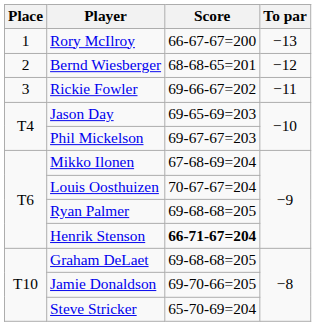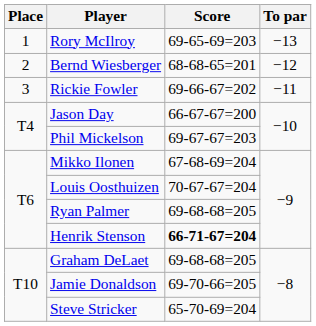 <table class="wikitable">
 <tr>
 <th>Place</th>
 <th>Player</th>
 <th>Score</th>
 <th>To par</th>
 </tr>
 <tr>
 <td align=center>1</td>
 <td> <a href='#'>Rory McIlroy</a></td>
-<td align=center>66-67-67=200</td>
+<td align=center>69-65-69=203</td>
 <td align=center>−13</td>
 </tr>
 <tr>
 <td align=center>2</td>
 <td> <a href='#'>Bernd Wiesberger</a></td>
 <td align=center>68-68-65=201</td>
 <td align=center>−12</td>
 </tr>
 <tr>
 <td align=center>3</td>
 <td> <a href='#'>Rickie Fowler</a></td>
 <td align=center>69-66-67=202</td>
 <td align=center>−11</td>
 </tr>
 <tr>
 <td align=center rowspan=2>T4</td>
 <td> <a href='#'>Jason Day</a></td>
-<td align=center>69-65-69=203</td>
+<td align=center>66-67-67=200</td>
 <td align=center rowspan=2>−10</td>
 </tr>
 <tr>
 <td> <a href='#'>Phil Mickelson</a></td>
 <td align=center>69-67-67=203</td>
 </tr>
 <tr>
 <td align=center rowspan=4>T6</td>
 <td> <a href='#'>Mikko Ilonen</a></td>
 <td align=center>67-68-69=204</td>
 <td align=center rowspan=4>−9</td>
 </tr>
 <tr>
 <td> <a href='#'>Louis Oosthuizen</a></td>
 <td align=center>70-67-67=204</td>
 </tr>
 <tr>
 <td> <a href='#'>Ryan Palmer</a></td>
 <td align=center>69-68-68=205</td>
 </tr>
 <tr>
 <td> <a href='#'>Henrik Stenson</a></td>
 <td align=center><strong>66-71-67=204</strong></td>
 </tr>
 <tr>
 <td align=center rowspan=3>T10</td>
 <td> <a href='#'>Graham DeLaet</a></td>
 <td align=center>69-68-68=205</td>
 <td align=center rowspan=3>−8</td>
 </tr>
 <tr>
 <td> <a href='#'>Jamie Donaldson</a></td>
 <td align=center>69-70-66=205</td>
 </tr>
 <tr>
 <td> <a href='#'>Steve Stricker</a></td>
 <td align=center>65-70-69=204</td>
 </tr>
 </table>
